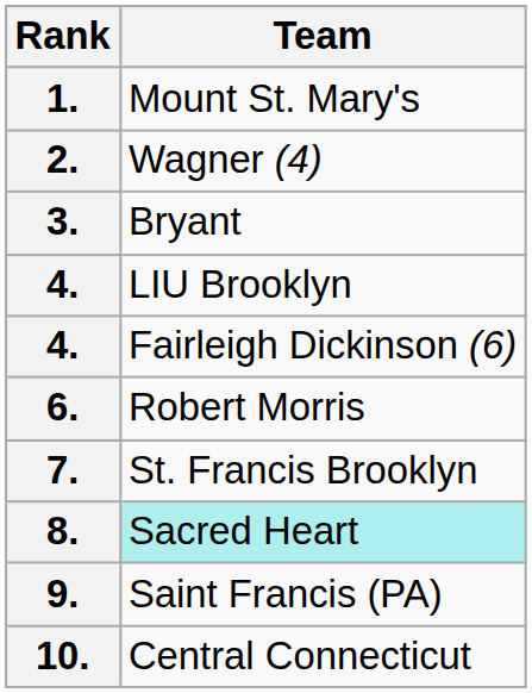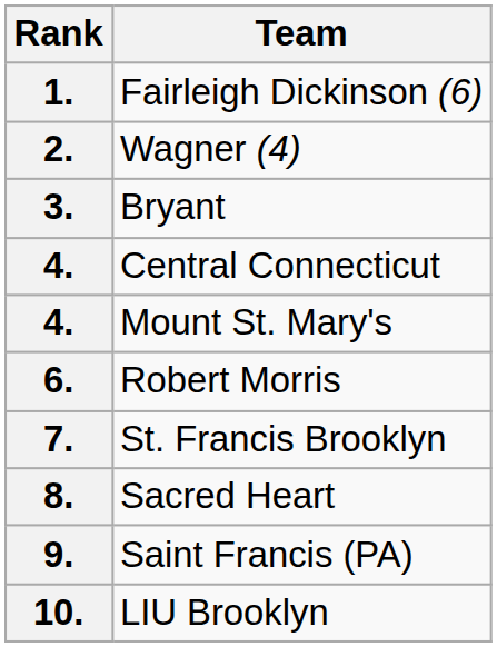 <table class="wikitable">
 <tr>
 <th>Rank</th>
 <th>Team</th>
 </tr>
 <tr>
 <th>1.</th>
-<td>Mount St. Mary's</td>
+<td>Fairleigh Dickinson <em>(6)</em></td>
 </tr>
 <tr>
 <th>2.</th>
 <td>Wagner <em>(4)</em></td>
 </tr>
 <tr>
 <th>3.</th>
 <td>Bryant</td>
 </tr>
 <tr>
 <th>4.</th>
-<td>LIU Brooklyn</td>
+<td>Central Connecticut</td>
 </tr>
 <tr>
 <th>4.</th>
-<td>Fairleigh Dickinson <em>(6)</em></td>
+<td>Mount St. Mary's</td>
 </tr>
 <tr>
 <th>6.</th>
 <td>Robert Morris</td>
 </tr>
 <tr>
 <th>7.</th>
 <td>St. Francis Brooklyn</td>
 </tr>
 <tr>
 <th>8.</th>
-<td style="background: paleturquoise;">Sacred Heart</td>
+<td>Sacred Heart</td>
 </tr>
 <tr>
 <th>9.</th>
 <td>Saint Francis (PA)</td>
 </tr>
 <tr>
 <th>10.</th>
-<td>Central Connecticut</td>
+<td>LIU Brooklyn</td>
 </tr>
 </table>
